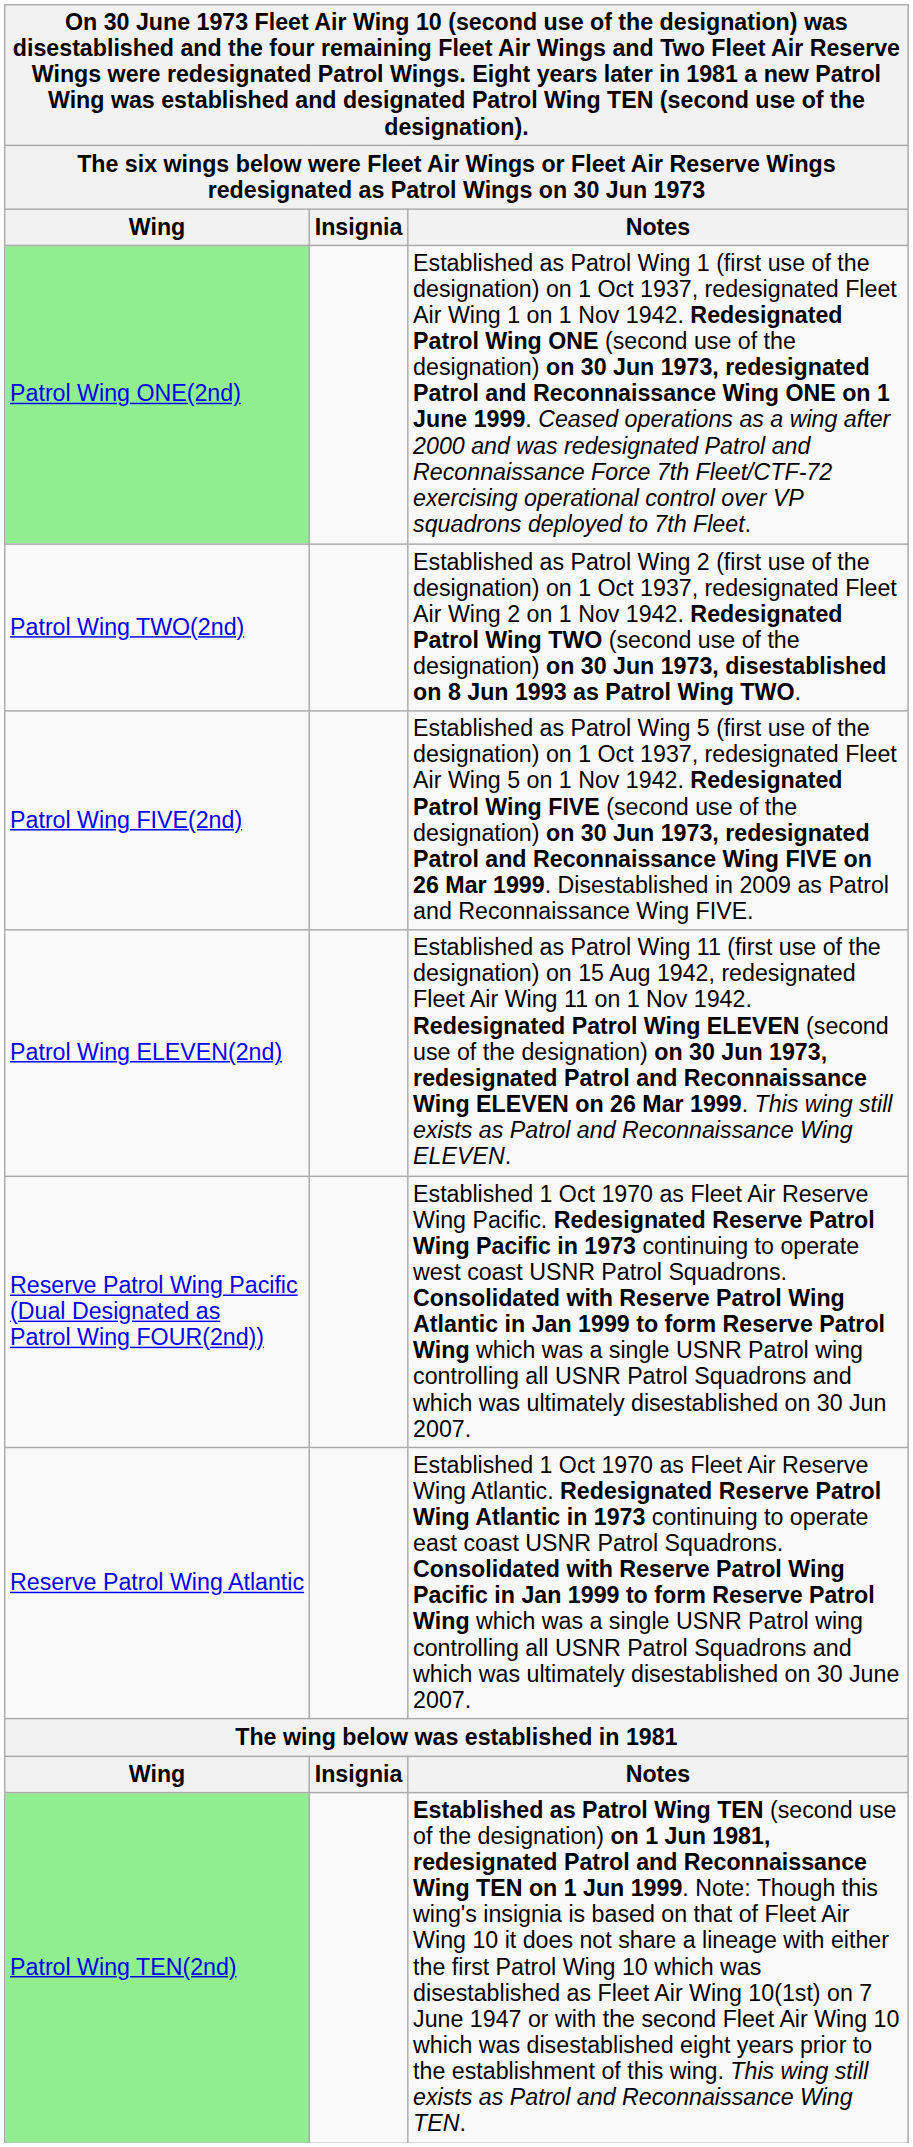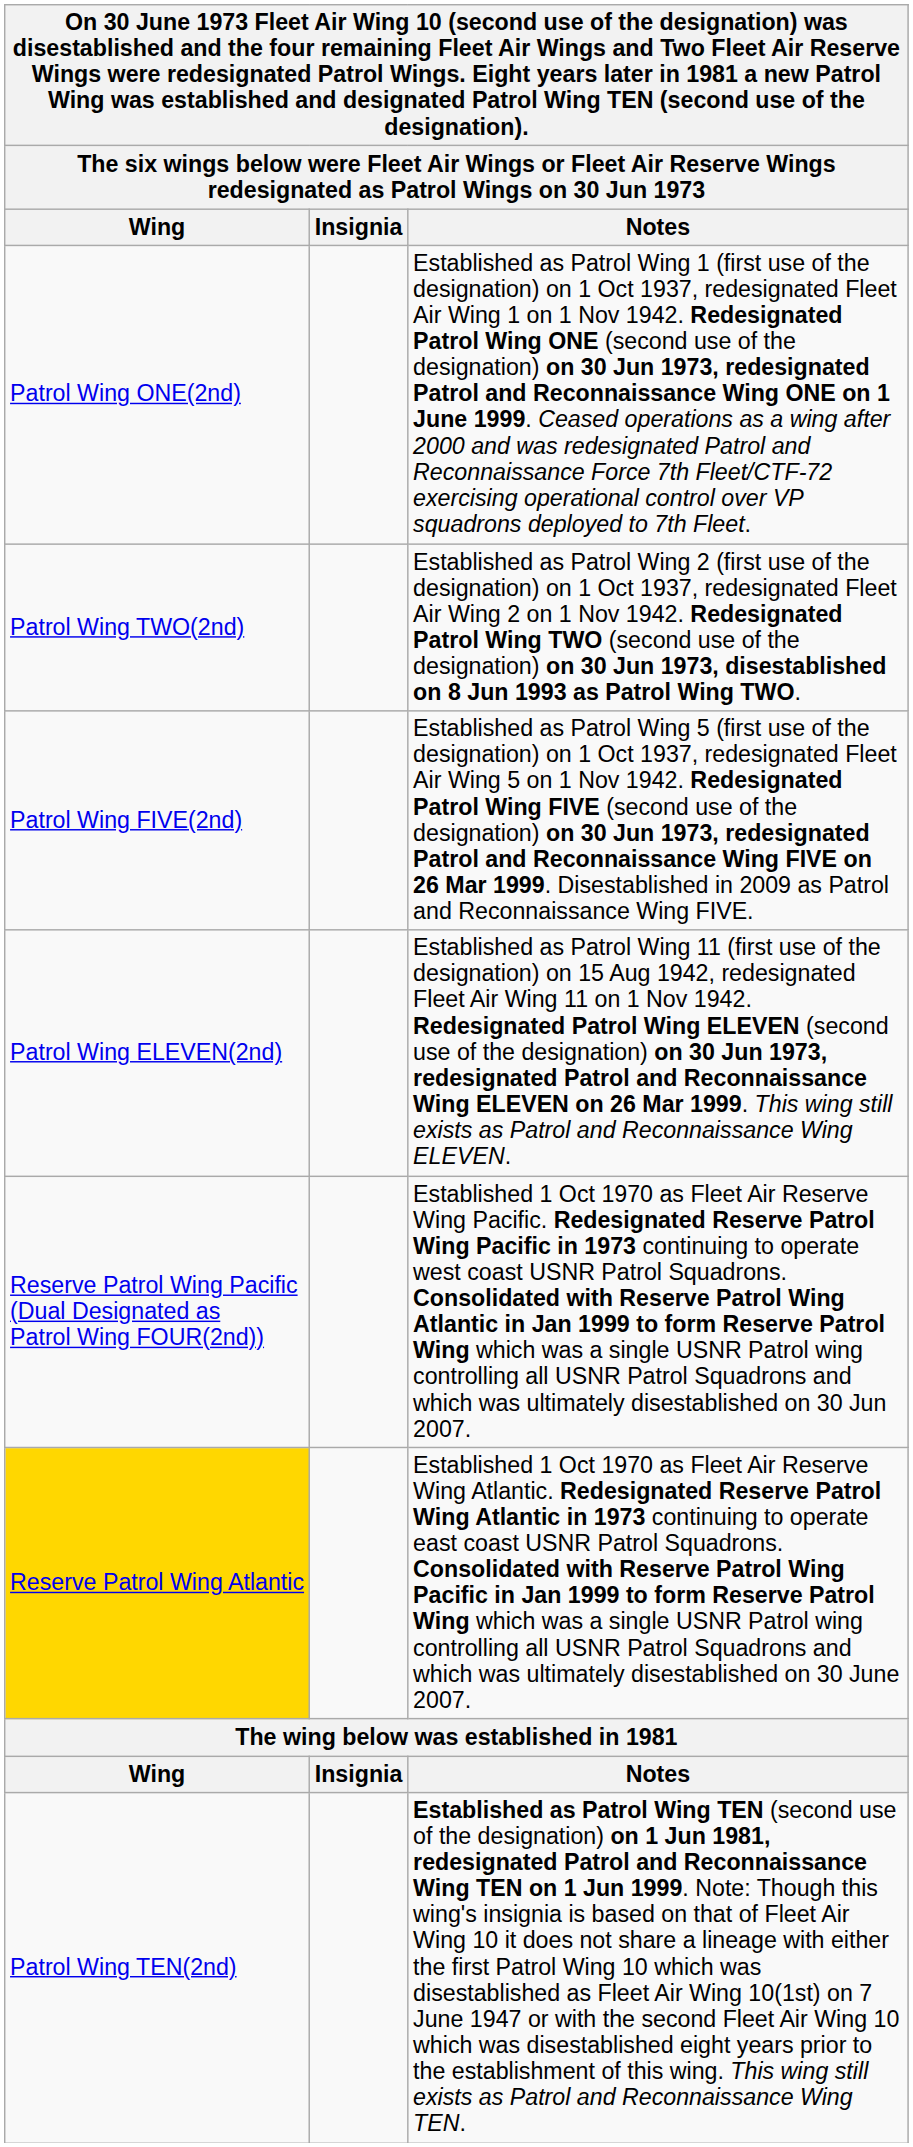 <table class="wikitable" width=100% style="text-align: center">
 <tr>
 <th colspan=3>On 30 June 1973 Fleet Air Wing 10 (second use of the designation) was disestablished and the four remaining Fleet Air Wings and Two Fleet Air Reserve Wings were redesignated Patrol Wings. Eight years later in 1981 a new Patrol Wing was established and designated Patrol Wing TEN (second use of the designation).</th>
 </tr>
 <tr>
 <th colspan=3>The six wings below were Fleet Air Wings or Fleet Air Reserve Wings redesignated as Patrol Wings on 30 Jun 1973</th>
 </tr>
 <tr>
 <th colspan=1>Wing</th>
 <th>Insignia</th>
 <th>Notes</th>
 </tr>
 <tr>
-<td align=left style="background: lightgreen; white-space: nowrap;"><a href='#'>Patrol  Wing ONE(2nd)</a></td>
+<td align=left style="white-space: nowrap;"><a href='#'>Patrol  Wing ONE(2nd)</a></td>
 <td></td>
 <td align=left>Established as Patrol Wing 1 (first use of the designation) on 1 Oct 1937, redesignated Fleet Air Wing 1 on 1 Nov 1942. <strong>Redesignated Patrol Wing ONE</strong> (second use of the designation) <strong>on 30 Jun 1973, redesignated Patrol and Reconnaissance Wing ONE on 1 June 1999</strong>. <em>Ceased operations as a wing after 2000 and was redesignated Patrol and Reconnaissance Force 7th Fleet/CTF-72 exercising operational control over VP squadrons deployed to 7th Fleet</em>.</td>
 </tr>
 <tr>
 <td align=left><a href='#'>Patrol Wing TWO(2nd)</a></td>
 <td></td>
 <td align=left>Established as Patrol Wing 2 (first use of the designation) on 1 Oct 1937, redesignated Fleet Air Wing 2 on 1 Nov 1942. <strong>Redesignated Patrol Wing TWO</strong> (second use of the designation) <strong>on 30 Jun 1973, disestablished on 8 Jun 1993 as Patrol Wing TWO</strong>.</td>
 </tr>
 <tr>
 <td align=left><a href='#'>Patrol Wing FIVE(2nd)</a></td>
 <td></td>
 <td align=left>Established as Patrol Wing 5 (first use of the designation) on 1 Oct 1937, redesignated Fleet Air Wing 5 on 1 Nov 1942. <strong>Redesignated Patrol Wing FIVE</strong> (second use of the designation) <strong>on 30 Jun 1973, redesignated Patrol and Reconnaissance Wing FIVE on 26 Mar 1999</strong>. Disestablished in 2009 as Patrol and Reconnaissance Wing FIVE.</td>
 </tr>
 <tr>
 <td align=left><a href='#'>Patrol Wing ELEVEN(2nd)</a></td>
 <td></td>
 <td align=left>Established as Patrol Wing 11 (first use of the designation) on 15 Aug 1942, redesignated Fleet Air Wing 11 on 1 Nov 1942. <strong>Redesignated Patrol Wing ELEVEN</strong> (second use of the designation) <strong>on 30 Jun 1973, redesignated Patrol and Reconnaissance Wing ELEVEN on 26 Mar 1999</strong>. <em>This wing still exists as Patrol and Reconnaissance Wing ELEVEN</em>.</td>
 </tr>
 <tr>
 <td align=left style="white-space: nowrap;"><a href='#'>Reserve Patrol Wing Pacific<br>(Dual Designated as<br>Patrol Wing FOUR(2nd))</a></td>
 <td></td>
 <td align=left>Established 1 Oct 1970 as Fleet Air Reserve Wing Pacific. <strong>Redesignated Reserve Patrol Wing Pacific in 1973</strong> continuing to operate west coast USNR Patrol Squadrons. <strong>Consolidated with Reserve Patrol Wing Atlantic in Jan 1999 to form Reserve Patrol Wing</strong> which was a single USNR Patrol wing controlling all USNR Patrol Squadrons and which was ultimately disestablished on 30 Jun 2007.</td>
 </tr>
 <tr>
-<td align=left style="white-space: nowrap;"><a href='#'>Reserve Patrol Wing Atlantic</a></td>
+<td align=left style="background: gold; white-space: nowrap;"><a href='#'>Reserve Patrol Wing Atlantic</a></td>
 <td></td>
 <td align=left>Established 1 Oct 1970 as Fleet Air Reserve Wing Atlantic. <strong>Redesignated Reserve Patrol Wing Atlantic in 1973</strong> continuing to operate east coast USNR Patrol Squadrons. <strong>Consolidated with Reserve Patrol Wing Pacific in Jan 1999 to form Reserve Patrol Wing</strong> which was a single USNR Patrol wing controlling all USNR Patrol Squadrons and which was ultimately disestablished on 30 June 2007.</td>
 </tr>
 <tr>
 <th colspan=3>The wing below was established in 1981</th>
 </tr>
 <tr>
 <th colspan=1>Wing</th>
 <th>Insignia</th>
 <th>Notes</th>
 </tr>
 <tr>
-<td align=left style="background: lightgreen;"><a href='#'>Patrol Wing TEN(2nd)</a></td>
+<td align=left><a href='#'>Patrol Wing TEN(2nd)</a></td>
 <td></td>
 <td align=left><strong>Established as Patrol Wing TEN</strong> (second use of the designation) <strong>on 1 Jun 1981, redesignated Patrol and Reconnaissance Wing TEN on 1 Jun 1999</strong>. Note: Though this wing's insignia is based on that of Fleet Air Wing 10 it does not share a lineage with either the first Patrol Wing 10 which was disestablished as Fleet Air Wing 10(1st) on 7 June 1947 or with the second Fleet Air Wing 10 which was disestablished eight years prior to the establishment of this wing. <em>This wing still exists as Patrol and Reconnaissance Wing TEN</em>.</td>
 </tr>
 <tr>
 </tr>
 </table>
